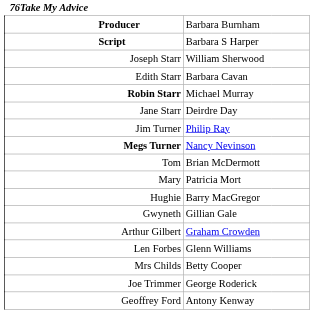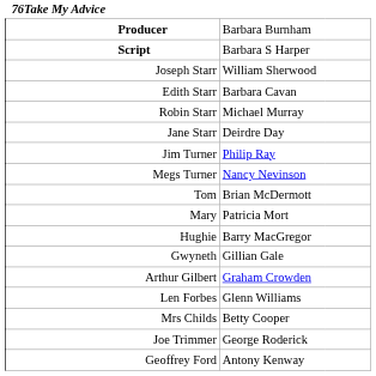 <table class="wikitable mw-collapsible mw-collapsed" style="vertical-align:top;margin:auto 2em;line-height:1.2;min-width:33em;display: inline-table;background-color:inherit;border:none;">
 <tr>
 <td class=unsortable style="border:hidden;line-height:1.67;text-align:center;margin-left:-1em;padding-left:0.5em;min-width:1.0em;"></td>
 <td class=unsortable style="border:none;padding-left:0.5em;text-align:left;min-width:16.5em;font-weight:700;font-style:italic;">76Take My Advice</td>
 <td class=unsortable style="border:none;text-align:right;font-weight:normal;font-family:Courier;font-size:95%;letter-spacing:-1pt;min-width:8.5em;padding-right:0.2em;"></td>
 <td class=unsortable style="border:hidden;min-width:3.5em;padding-left:0;"></td>
 <td class=unsortable style="border:hidden;min-width:3.5em;font-size:95%;"></td>
 </tr>
 <tr>
 <td rowspan=100 style="border:none thin;border-right-style :solid;"></td>
 </tr>
 <tr>
 <td style="text-align:left;padding-left:9.0em;font-weight:bold;">Producer</td>
 <td colspan=2>Barbara Burnham</td>
 </tr>
 <tr>
 <td style="text-align:left;padding-left:9.0em;font-weight:bold;">Script</td>
 <td colspan=2>Barbara S Harper</td>
 </tr>
 <tr>
 <td style="text-align:right;">Joseph Starr</td>
 <td colspan=2>William Sherwood</td>
 </tr>
 <tr>
 <td style="text-align:right;">Edith Starr</td>
 <td colspan=2>Barbara Cavan</td>
 </tr>
 <tr>
-<td style="text-align:right;"><strong>Robin Starr</strong></td>
+<td style="text-align:right;">Robin Starr</td>
 <td colspan=2>Michael Murray</td>
 </tr>
 <tr>
 <td style="text-align:right;">Jane Starr</td>
 <td colspan=2>Deirdre Day</td>
 </tr>
 <tr>
 <td style="text-align:right;">Jim Turner</td>
 <td colspan=2><a href='#'>Philip Ray</a></td>
 </tr>
 <tr>
-<td style="text-align:right;"><strong>Megs Turner</strong></td>
+<td style="text-align:right;">Megs Turner</td>
 <td colspan=2><a href='#'>Nancy Nevinson</a></td>
 </tr>
 <tr>
 <td style="text-align:right;">Tom</td>
 <td colspan=2>Brian McDermott</td>
 </tr>
 <tr>
 <td style="text-align:right;">Mary</td>
 <td colspan=2>Patricia Mort</td>
 </tr>
 <tr>
 <td style="text-align:right;">Hughie</td>
 <td colspan=2>Barry MacGregor</td>
 </tr>
 <tr>
 <td style="text-align:right;">Gwyneth</td>
 <td colspan=2>Gillian Gale</td>
 </tr>
 <tr>
 <td style="text-align:right;">Arthur Gilbert</td>
 <td colspan=2><a href='#'>Graham Crowden</a></td>
 </tr>
 <tr>
 <td style="text-align:right;">Len Forbes</td>
 <td colspan=2>Glenn Williams</td>
 </tr>
 <tr>
 <td style="text-align:right;">Mrs Childs</td>
 <td colspan=2>Betty Cooper</td>
 </tr>
 <tr>
 <td style="text-align:right;">Joe Trimmer</td>
 <td colspan=2>George Roderick</td>
 </tr>
 <tr>
 <td style="text-align:right;">Geoffrey Ford</td>
 <td colspan=2>Antony Kenway</td>
 </tr>
 </table>
